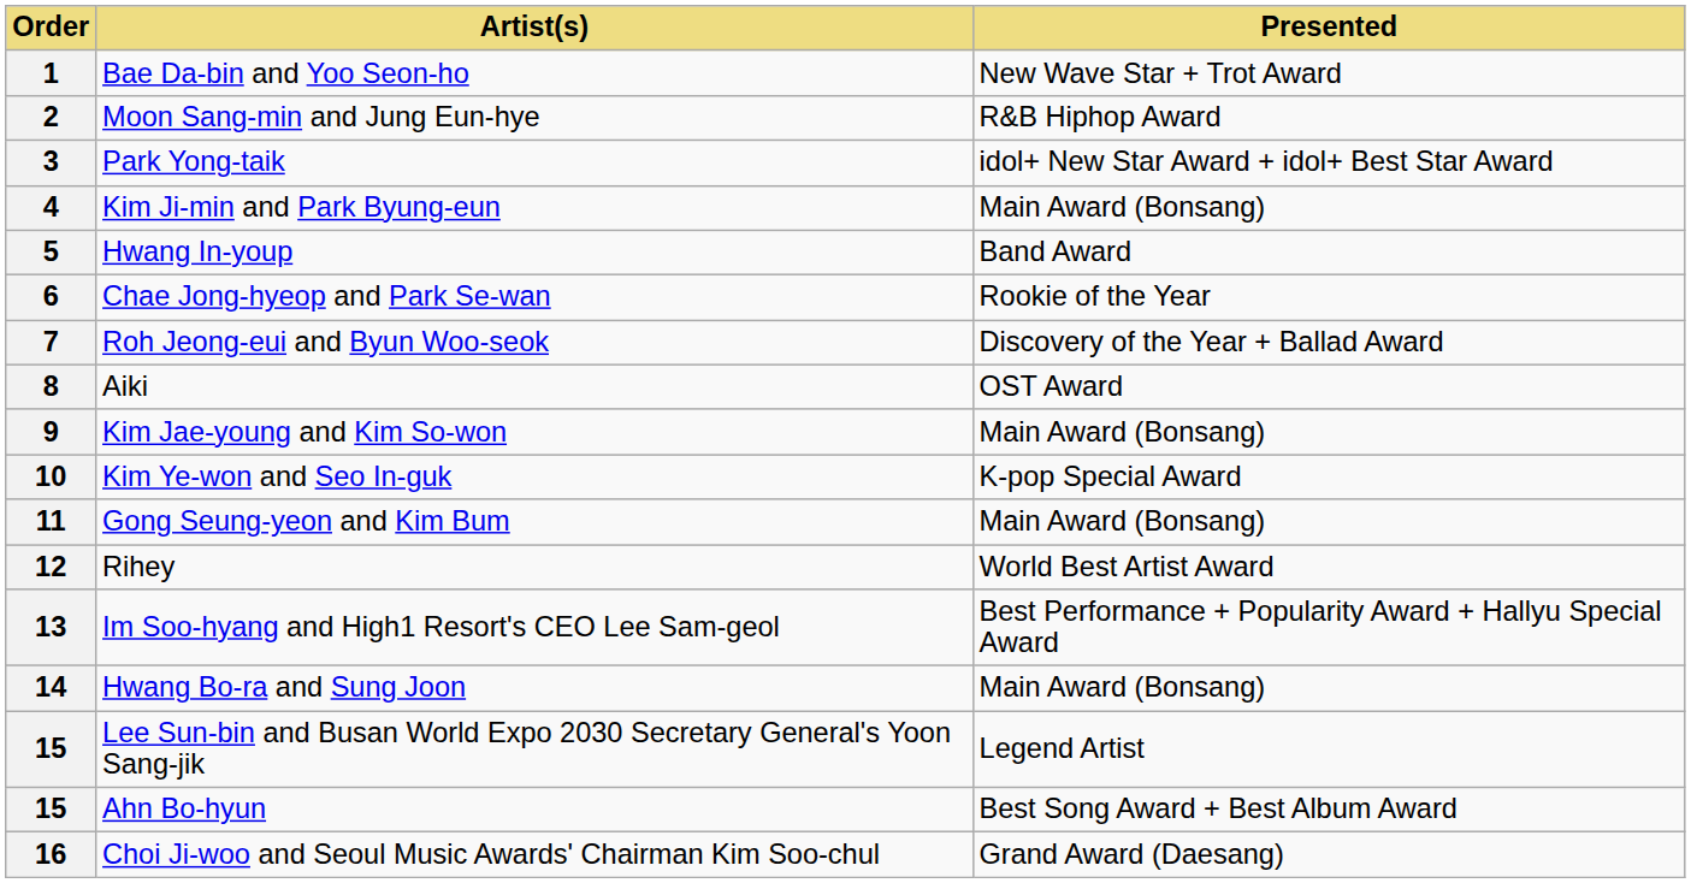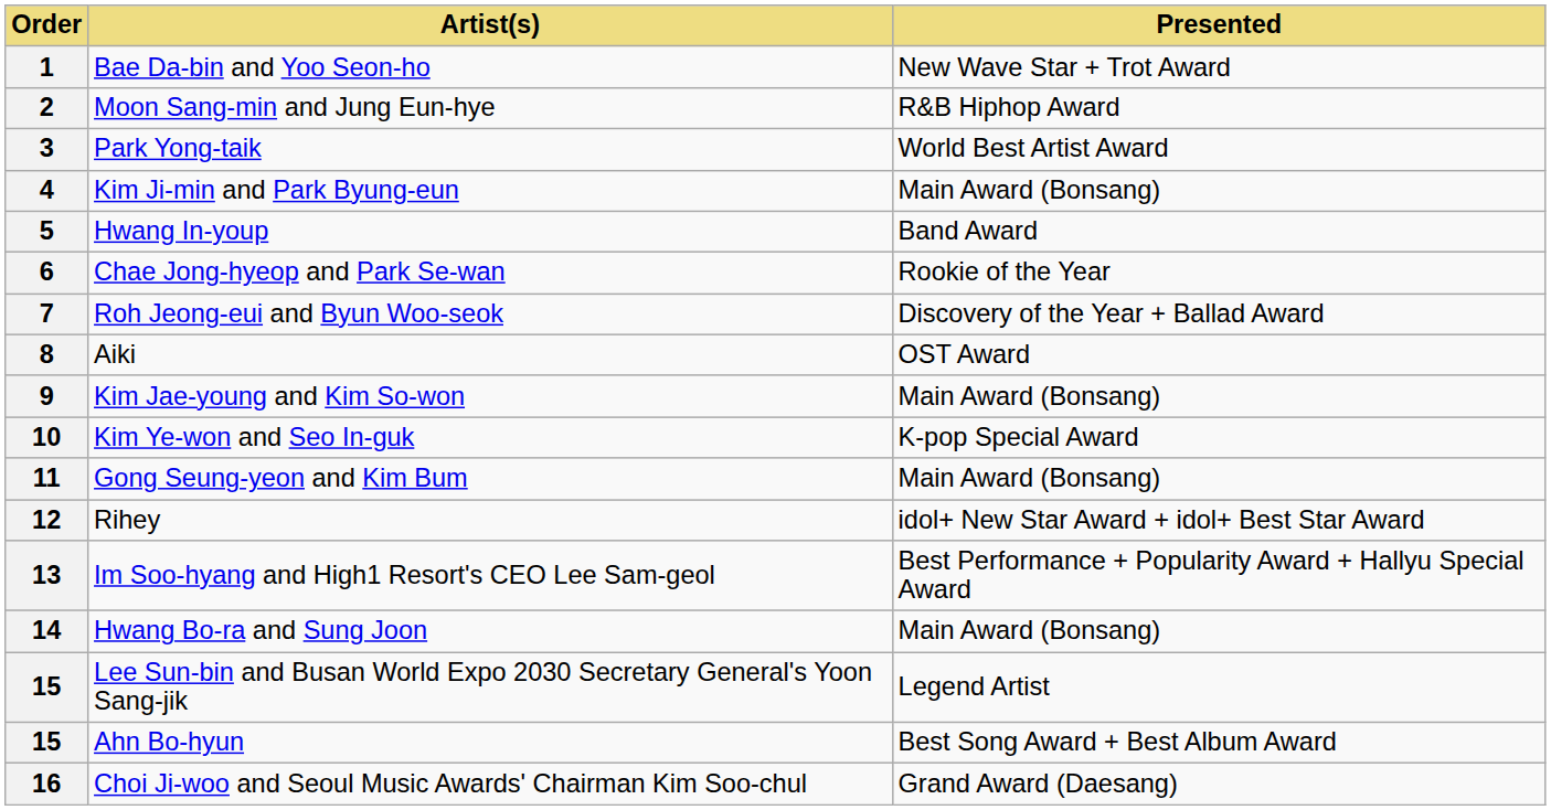 <table class="wikitable plainrowheaders" style="width:60%">
 <tr>
 <th scope="col" style="background:#EEDD82; width:2%">Order</th>
 <th scope="col" style="background:#EEDD82">Artist(s)</th>
 <th scope="col" style="background:#EEDD82">Presented</th>
 </tr>
 <tr>
 <th scope="row">1</th>
 <td><a href='#'>Bae Da-bin</a> and <a href='#'>Yoo Seon-ho</a></td>
 <td>New Wave Star + Trot Award</td>
 </tr>
 <tr>
 <th scope="row">2</th>
 <td><a href='#'>Moon Sang-min</a> and Jung Eun-hye</td>
 <td>R&B Hiphop Award</td>
 </tr>
 <tr>
 <th scope="row">3</th>
 <td><a href='#'>Park Yong-taik</a></td>
-<td>idol+ New Star Award + idol+ Best Star Award</td>
+<td>World Best Artist Award</td>
 </tr>
 <tr>
 <th scope="row">4</th>
 <td><a href='#'>Kim Ji-min</a> and <a href='#'>Park Byung-eun</a></td>
 <td>Main Award (Bonsang)</td>
 </tr>
 <tr>
 <th scope="row">5</th>
 <td><a href='#'>Hwang In-youp</a></td>
 <td>Band Award</td>
 </tr>
 <tr>
 <th scope="row">6</th>
 <td><a href='#'>Chae Jong-hyeop</a> and <a href='#'>Park Se-wan</a></td>
 <td>Rookie of the Year</td>
 </tr>
 <tr>
 <th scope="row">7</th>
 <td><a href='#'>Roh Jeong-eui</a> and <a href='#'>Byun Woo-seok</a></td>
 <td>Discovery of the Year + Ballad Award</td>
 </tr>
 <tr>
 <th scope="row">8</th>
 <td>Aiki</td>
 <td>OST Award</td>
 </tr>
 <tr>
 <th scope="row">9</th>
 <td><a href='#'>Kim Jae-young</a> and <a href='#'>Kim So-won</a></td>
 <td>Main Award (Bonsang)</td>
 </tr>
 <tr>
 <th scope="row">10</th>
 <td><a href='#'>Kim Ye-won</a> and <a href='#'>Seo In-guk</a></td>
 <td>K-pop Special Award</td>
 </tr>
 <tr>
 <th scope="row">11</th>
 <td><a href='#'>Gong Seung-yeon</a> and <a href='#'>Kim Bum</a></td>
 <td>Main Award (Bonsang)</td>
 </tr>
 <tr>
 <th scope="row">12</th>
 <td>Rihey</td>
-<td>World Best Artist Award</td>
+<td>idol+ New Star Award + idol+ Best Star Award</td>
 </tr>
 <tr>
 <th scope="row">13</th>
 <td><a href='#'>Im Soo-hyang</a> and High1 Resort's CEO Lee Sam-geol</td>
 <td>Best Performance + Popularity Award + Hallyu Special Award</td>
 </tr>
 <tr>
 <th scope="row">14</th>
 <td><a href='#'>Hwang Bo-ra</a> and <a href='#'>Sung Joon</a></td>
 <td>Main Award (Bonsang)</td>
 </tr>
 <tr>
 <th scope="row">15</th>
 <td><a href='#'>Lee Sun-bin</a> and Busan World Expo 2030 Secretary General's Yoon Sang-jik</td>
 <td>Legend Artist</td>
 </tr>
 <tr>
 <th scope="row">15</th>
 <td><a href='#'>Ahn Bo-hyun</a></td>
 <td>Best Song Award + Best Album Award</td>
 </tr>
 <tr>
 <th scope="row">16</th>
 <td><a href='#'>Choi Ji-woo</a> and Seoul Music Awards' Chairman Kim Soo-chul</td>
 <td>Grand Award (Daesang)</td>
 </tr>
 </table>
